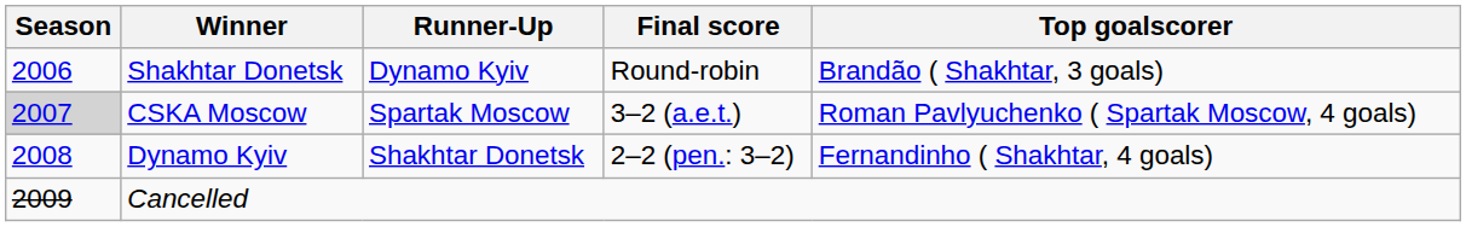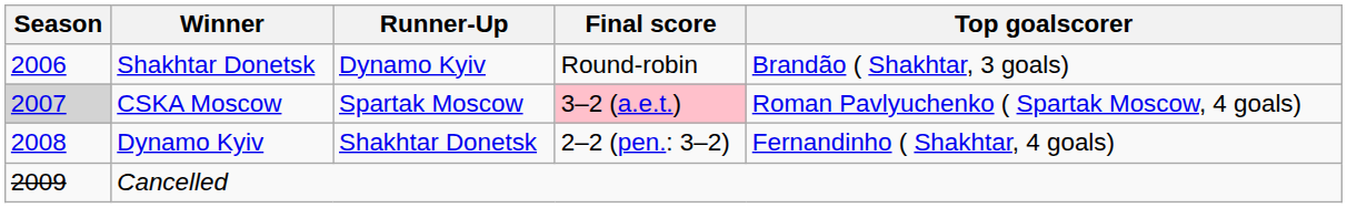 <table class="wikitable" align=center width=68%>
 <tr>
 <th>Season</th>
 <th>Winner</th>
 <th>Runner-Up</th>
 <th>Final score</th>
 <th>Top goalscorer</th>
 </tr>
 <tr>
 <td><a href='#'>2006</a></td>
 <td> <a href='#'>Shakhtar Donetsk</a></td>
 <td> <a href='#'>Dynamo Kyiv</a></td>
 <td>Round-robin</td>
 <td> <a href='#'>Brandão</a> ( <a href='#'>Shakhtar</a>, 3 goals)</td>
 </tr>
 <tr>
 <td style="background: lightgrey;"><a href='#'>2007</a></td>
 <td> <a href='#'>CSKA Moscow</a></td>
 <td> <a href='#'>Spartak Moscow</a></td>
-<td>3–2 (<a href='#'>a.e.t.</a>)</td>
+<td style="background: pink;">3–2 (<a href='#'>a.e.t.</a>)</td>
 <td> <a href='#'>Roman Pavlyuchenko</a> ( <a href='#'>Spartak Moscow</a>, 4 goals)</td>
 </tr>
 <tr>
 <td><a href='#'>2008</a></td>
 <td> <a href='#'>Dynamo Kyiv</a></td>
 <td> <a href='#'>Shakhtar Donetsk</a></td>
 <td>2–2 (<a href='#'>pen.</a>: 3–2)</td>
 <td> <a href='#'>Fernandinho</a> ( <a href='#'>Shakhtar</a>, 4 goals)</td>
 </tr>
 <tr>
 <td><s>2009</s></td>
 <td colspan="4"><em>Cancelled</em></td>
 </tr>
 </table>
